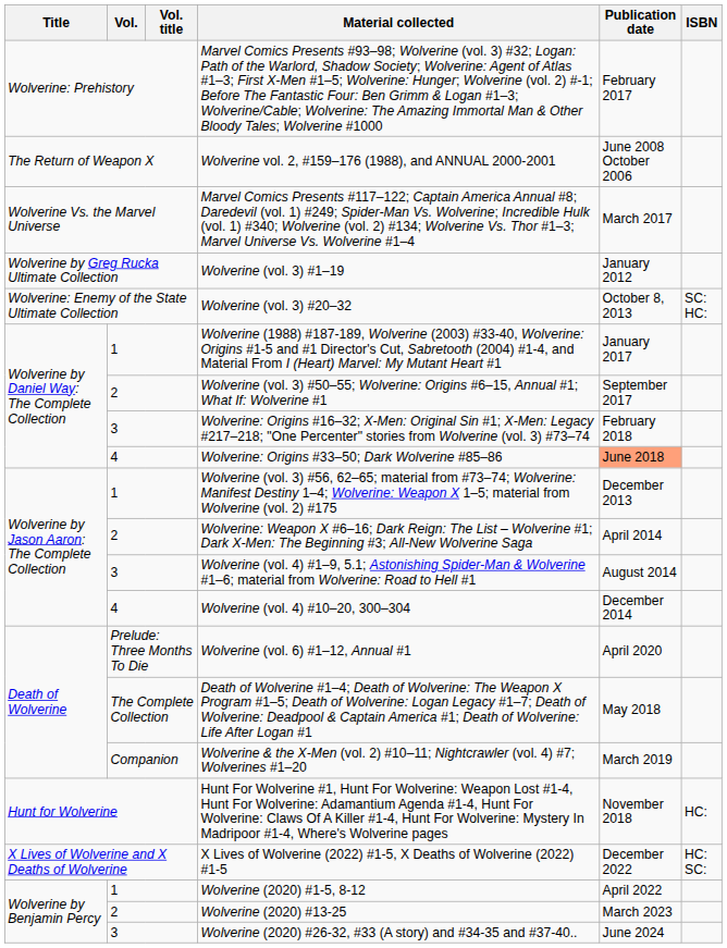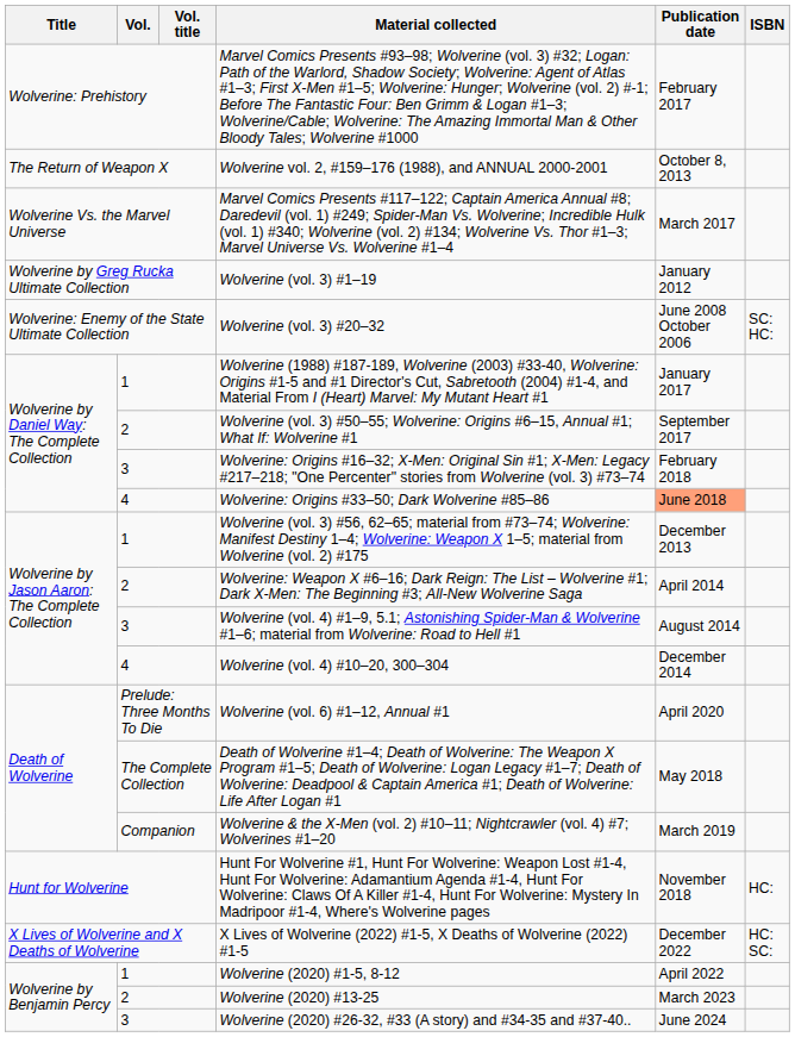 <table class="wikitable">
 <tr>
 <th>Title</th>
 <th>Vol.</th>
 <th>Vol. title</th>
 <th>Material collected</th>
 <th>Publication date</th>
 <th>ISBN</th>
 </tr>
 <tr>
 <td colspan="3"><em>Wolverine: Prehistory</em></td>
 <td><em>Marvel Comics Presents</em> #93–98; <em>Wolverine</em> (vol. 3) #32; <em>Logan: Path of the Warlord, Shadow Society</em>; <em>Wolverine: Agent of Atlas</em> #1–3; <em>First X-Men</em> #1–5; <em>Wolverine: Hunger</em>; <em>Wolverine</em> (vol. 2) #-1; <em>Before The Fantastic Four: Ben Grimm & Logan</em> #1–3; <em>Wolverine/Cable</em>; <em>Wolverine: The Amazing Immortal Man & Other Bloody Tales</em>; <em>Wolverine</em> #1000</td>
 <td>February 2017</td>
 <td></td>
 </tr>
 <tr>
 <td colspan="3"><em>The Return of Weapon X</em></td>
 <td><em>Wolverine</em> vol. 2, #159–176 (1988), and ANNUAL 2000-2001</td>
-<td>June 2008<br>October 2006</td>
+<td>October 8, 2013</td>
 <td></td>
 </tr>
 <tr>
 <td colspan="3"><em>Wolverine Vs. the Marvel Universe</em></td>
 <td><em>Marvel Comics Presents</em> #117–122; <em>Captain America Annual</em> #8; <em>Daredevil</em> (vol. 1) #249; <em>Spider-Man Vs. Wolverine</em>; <em>Incredible Hulk</em> (vol. 1) #340; <em>Wolverine</em> (vol. 2) #134; <em>Wolverine Vs. Thor</em> #1–3; <em>Marvel Universe Vs. Wolverine</em> #1–4</td>
 <td>March 2017</td>
 <td></td>
 </tr>
 <tr>
 <td colspan="3"><em>Wolverine by <a href='#'>Greg Rucka</a> Ultimate Collection</em></td>
 <td><em>Wolverine</em> (vol. 3) #1–19</td>
 <td>January 2012</td>
 <td></td>
 </tr>
 <tr>
 <td colspan="3"><em>Wolverine: Enemy of the State Ultimate Collection</em></td>
 <td><em>Wolverine</em> (vol. 3) #20–32</td>
-<td>October 8, 2013</td>
+<td>June 2008<br>October 2006</td>
 <td>SC: <br>HC: </td>
 </tr>
 <tr>
 <td rowspan="4"><em>Wolverine by <a href='#'>Daniel Way</a>: The Complete Collection</em></td>
 <td colspan="2">1</td>
 <td><em>Wolverine</em> (1988) #187-189, <em>Wolverine</em> (2003) #33-40, <em>Wolverine: Origins</em> #1-5 and #1 Director's Cut, <em>Sabretooth</em> (2004) #1-4, and Material From <em>I (Heart) Marvel: My Mutant Heart</em> #1</td>
 <td>January 2017</td>
 <td></td>
 </tr>
 <tr>
 <td colspan="2">2</td>
 <td><em>Wolverine</em> (vol. 3) #50–55; <em>Wolverine: Origins</em> #6–15, <em>Annual</em> #1; <em>What If: Wolverine</em> #1</td>
 <td>September 2017</td>
 <td></td>
 </tr>
 <tr>
 <td colspan="2">3</td>
 <td><em>Wolverine: Origins</em> #16–32; <em>X-Men: Original Sin</em> #1; <em>X-Men: Legacy</em> #217–218; "One Percenter" stories from <em>Wolverine</em> (vol. 3) #73–74</td>
 <td>February 2018</td>
 <td></td>
 </tr>
 <tr>
 <td colspan="2">4</td>
 <td><em>Wolverine: Origins</em> #33–50; <em>Dark Wolverine</em> #85–86</td>
 <td style="background: lightsalmon;">June 2018</td>
 <td></td>
 </tr>
 <tr>
 <td rowspan="4"><em>Wolverine by <a href='#'>Jason Aaron</a>: The Complete Collection</em></td>
 <td colspan="2">1</td>
 <td><em>Wolverine</em> (vol. 3) #56, 62–65; material from #73–74; <em>Wolverine: Manifest Destiny</em> 1–4; <em><a href='#'>Wolverine: Weapon X</a></em> 1–5; material from <em>Wolverine</em> (vol. 2) #175</td>
 <td>December 2013</td>
 <td></td>
 </tr>
 <tr>
 <td colspan="2">2</td>
 <td><em>Wolverine: Weapon X</em> #6–16; <em>Dark Reign: The List – Wolverine</em> #1; <em>Dark X-Men: The Beginning</em> #3; <em>All-New Wolverine Saga</em></td>
 <td>April 2014</td>
 <td></td>
 </tr>
 <tr>
 <td colspan="2">3</td>
 <td><em>Wolverine</em> (vol. 4) #1–9, 5.1; <em><a href='#'>Astonishing Spider-Man & Wolverine</a></em> #1–6; material from <em>Wolverine: Road to Hell</em> #1</td>
 <td>August 2014</td>
 <td></td>
 </tr>
 <tr>
 <td colspan="2">4</td>
 <td><em>Wolverine</em> (vol. 4) #10–20, 300–304</td>
 <td>December 2014</td>
 <td></td>
 </tr>
 <tr>
 <td rowspan="3"><em><a href='#'>Death of Wolverine</a></em></td>
 <td colspan="2"><em>Prelude: Three Months To Die</em></td>
 <td><em>Wolverine</em> (vol. 6) #1–12, <em>Annual</em> #1</td>
 <td>April 2020</td>
 <td></td>
 </tr>
 <tr>
 <td colspan="2"><em>The Complete Collection</em></td>
 <td><em>Death of Wolverine</em> #1–4; <em>Death of Wolverine: The Weapon X Program</em> #1–5; <em>Death of Wolverine: Logan Legacy</em> #1–7; <em>Death of Wolverine: Deadpool & Captain America</em> #1; <em>Death of Wolverine: Life After Logan</em> #1</td>
 <td>May 2018</td>
 <td></td>
 </tr>
 <tr>
 <td colspan="2"><em>Companion</em></td>
 <td><em>Wolverine & the X-Men</em> (vol. 2) #10–11; <em>Nightcrawler</em> (vol. 4) #7; <em>Wolverines</em> #1–20</td>
 <td>March 2019</td>
 <td></td>
 </tr>
 <tr>
 <td colspan="3"><em><a href='#'>Hunt for Wolverine</a></em></td>
 <td>Hunt For Wolverine #1, Hunt For Wolverine: Weapon Lost #1-4, Hunt For Wolverine: Adamantium Agenda #1-4, Hunt For Wolverine: Claws Of A Killer #1-4, Hunt For Wolverine: Mystery In Madripoor #1-4, Where's Wolverine pages</td>
 <td>November 2018</td>
 <td>HC: </td>
 </tr>
 <tr>
 <td colspan="3"><em><a href='#'>X Lives of Wolverine and X Deaths of Wolverine</a></em></td>
 <td>X Lives of Wolverine (2022) #1-5, X Deaths of Wolverine (2022) #1-5</td>
 <td>December 2022</td>
 <td>HC:  SC: </td>
 </tr>
 <tr>
 <td rowspan="3"><em>Wolverine by Benjamin Percy</em></td>
 <td colspan="2">1</td>
 <td><em>Wolverine</em> (2020) #1-5, 8-12</td>
 <td>April 2022</td>
 <td></td>
 </tr>
 <tr>
 <td colspan="2">2</td>
 <td><em>Wolverine</em> (2020) #13-25</td>
 <td>March 2023</td>
 <td></td>
 </tr>
 <tr>
 <td colspan="2">3</td>
 <td><em>Wolverine</em> (2020) #26-32, #33 (A story) and #34-35 and #37-40..</td>
 <td>June 2024</td>
 <td></td>
 </tr>
 </table>
